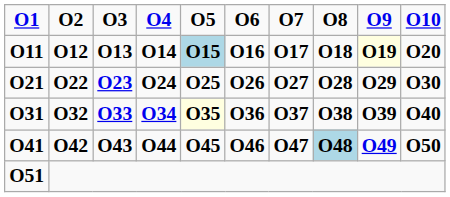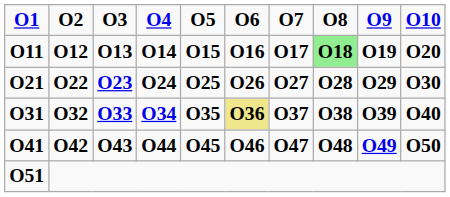 <table class="wikitable" style="text-align: center;">
 <tr valign="top">
 <td><strong><a href='#'>O1</a></strong><br></td>
 <td><strong>O2</strong><br></td>
 <td><strong>O3</strong><br></td>
 <td><strong><a href='#'>O4</a></strong><br></td>
 <td><strong>O5</strong><br></td>
 <td><strong>O6</strong><br></td>
 <td><strong>O7</strong><br></td>
 <td><strong>O8</strong><br></td>
 <td><strong><a href='#'>O9</a></strong><br></td>
 <td><strong><a href='#'>O10</a></strong><br></td>
 </tr>
 <tr valign="top">
 <td><strong>O11</strong><br></td>
 <td><strong>O12</strong><br></td>
 <td><strong>O13</strong><br></td>
 <td><strong>O14</strong><br></td>
-<td style="background: lightblue;"><strong>O15</strong><br></td>
+<td><strong>O15</strong><br></td>
 <td><strong>O16</strong><br></td>
 <td><strong>O17</strong><br></td>
-<td><strong>O18</strong><br></td>
-<td style="background: lightyellow;"><strong>O19</strong><br></td>
+<td style="background: lightgreen;"><strong>O18</strong><br></td>
+<td><strong>O19</strong><br></td>
 <td><strong>O20</strong><br></td>
 </tr>
 <tr valign="top">
 <td><strong>O21</strong><br></td>
 <td><strong>O22</strong><br></td>
 <td><strong><a href='#'>O23</a></strong><br></td>
 <td><strong>O24</strong><br></td>
 <td><strong>O25</strong><br></td>
 <td><strong>O26</strong><br></td>
 <td><strong>O27</strong><br></td>
 <td><strong>O28</strong><br></td>
 <td><strong>O29</strong><br></td>
 <td><strong>O30</strong><br></td>
 </tr>
 <tr valign="top">
 <td><strong>O31</strong><br></td>
 <td><strong>O32</strong><br></td>
 <td><strong><a href='#'>O33</a></strong><br></td>
 <td><strong><a href='#'>O34</a></strong><br></td>
-<td style="background: lightyellow;"><strong>O35</strong><br></td>
-<td><strong>O36</strong><br></td>
+<td><strong>O35</strong><br></td>
+<td style="background: khaki;"><strong>O36</strong><br></td>
 <td><strong>O37</strong><br></td>
 <td><strong>O38</strong><br></td>
 <td><strong>O39</strong><br></td>
 <td><strong>O40</strong><br></td>
 </tr>
 <tr valign="top">
 <td><strong>O41</strong><br></td>
 <td><strong>O42</strong><br></td>
 <td><strong>O43</strong><br></td>
 <td><strong>O44</strong><br></td>
 <td><strong>O45</strong><br></td>
 <td><strong>O46</strong><br></td>
 <td><strong>O47</strong><br></td>
-<td style="background: lightblue;"><strong>O48</strong><br></td>
+<td><strong>O48</strong><br></td>
 <td><strong><a href='#'>O49</a></strong><br></td>
 <td><strong>O50</strong><br></td>
 </tr>
 <tr valign="top">
 <td><strong>O51</strong><br></td>
 </tr>
 </table>
